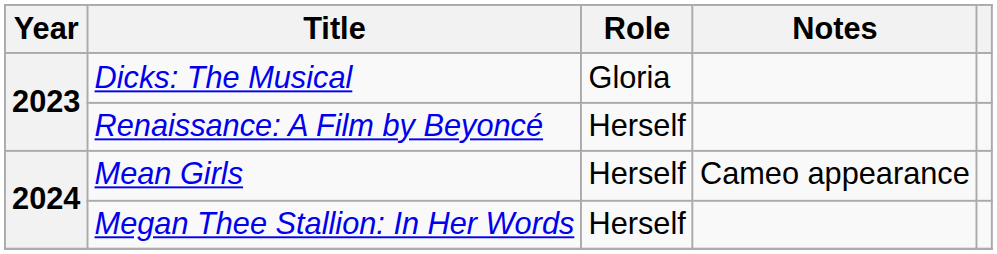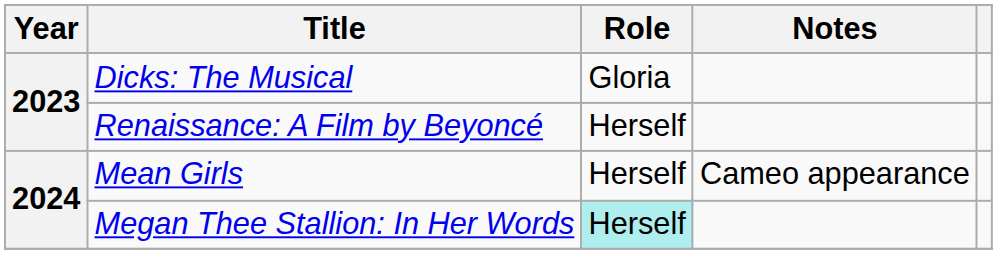 <table class="wikitable plainrowheaders sortable">
 <tr>
 <th scope="col">Year</th>
 <th scope="col">Title</th>
 <th scope="col">Role</th>
 <th scope="col">Notes</th>
 <th scope="col" class="unsortable"></th>
 </tr>
 <tr>
 <th rowspan="2" scope="row">2023</th>
 <td><em><a href='#'>Dicks: The Musical</a></em></td>
 <td>Gloria</td>
 <td></td>
 <td></td>
 </tr>
 <tr>
 <td><em><a href='#'>Renaissance: A Film by Beyoncé</a></em></td>
 <td>Herself</td>
 <td style="text-align:center;"></td>
 <td></td>
 </tr>
 <tr>
 <th rowspan="2" scope="row">2024</th>
 <td><a href='#'><em>Mean Girls</em></a></td>
 <td>Herself</td>
 <td>Cameo appearance</td>
 <td></td>
 </tr>
 <tr>
 <td><em><a href='#'>Megan Thee Stallion: In Her Words</a></em></td>
-<td>Herself</td>
+<td style="background: paleturquoise;">Herself</td>
 <td style="text-align:center;"></td>
 <td></td>
 </tr>
 <tr>
 </tr>
 </table>
